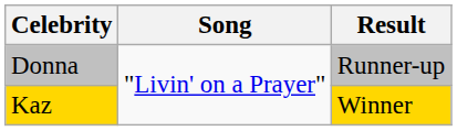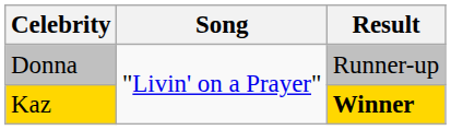 <table class="wikitable sortable collapsed">
 <tr>
 <th>Celebrity</th>
 <th>Song</th>
 <th>Result</th>
 </tr>
 <tr>
 <td style="background:silver;">Donna</td>
 <td rowspan=2>"<a href='#'>Livin' on a Prayer</a>"</td>
 <td style="background:silver;">Runner-up</td>
 </tr>
 <tr>
 <td style="background:gold;">Kaz</td>
-<td style="background:gold;">Winner</td>
+<td style="background:gold;"><strong>Winner</strong></td>
 </tr>
 </table>
